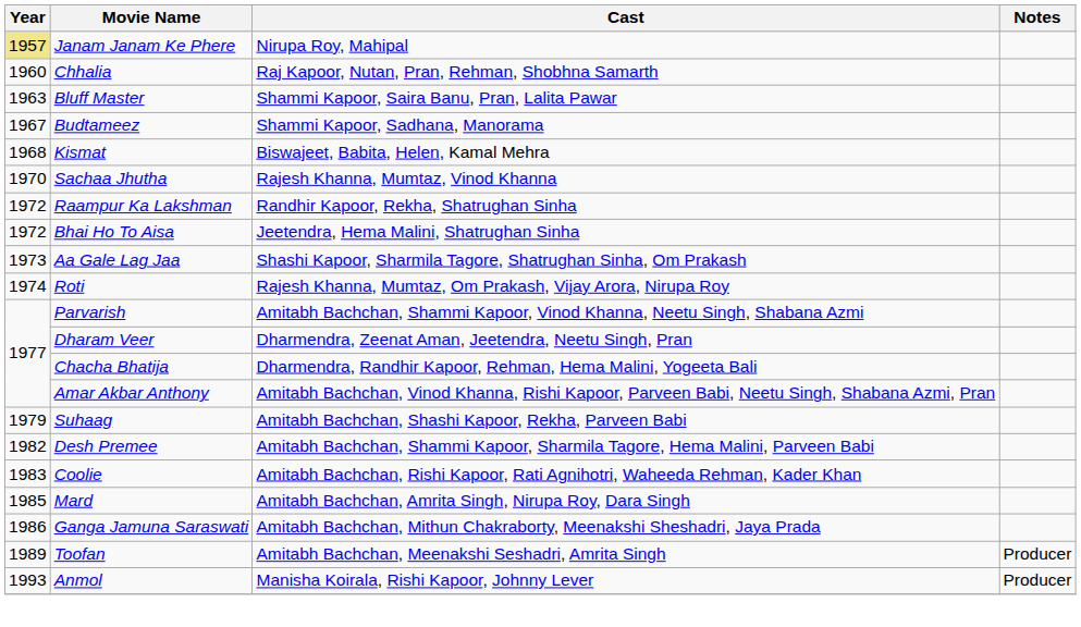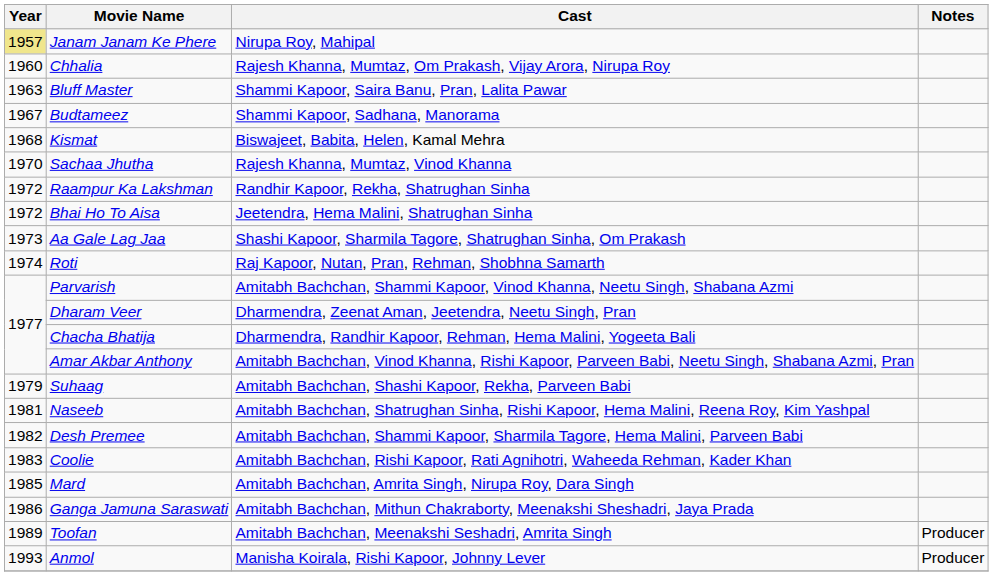 <table class="wikitable sortable">
 <tr style="background:#ccc; align:center,">
 <th>Year</th>
 <th>Movie Name</th>
 <th>Cast</th>
 <th>Notes</th>
 </tr>
 <tr>
 <td style="background: khaki;">1957</td>
 <td><em><a href='#'>Janam Janam Ke Phere</a></em></td>
 <td><a href='#'>Nirupa Roy</a>, <a href='#'>Mahipal</a></td>
 <td></td>
 </tr>
 <tr>
 <td>1960</td>
 <td><em><a href='#'>Chhalia</a></em></td>
-<td><a href='#'>Raj Kapoor</a>, <a href='#'>Nutan</a>, <a href='#'>Pran</a>, <a href='#'>Rehman</a>, <a href='#'>Shobhna Samarth</a></td>
+<td><a href='#'>Rajesh Khanna</a>, <a href='#'>Mumtaz</a>, <a href='#'>Om Prakash</a>, <a href='#'>Vijay Arora</a>, <a href='#'>Nirupa Roy</a></td>
 <td></td>
 </tr>
 <tr>
 <td>1963</td>
 <td><em><a href='#'>Bluff Master</a></em></td>
 <td><a href='#'>Shammi Kapoor</a>, <a href='#'>Saira Banu</a>, <a href='#'>Pran</a>, <a href='#'>Lalita Pawar</a></td>
 <td></td>
 </tr>
 <tr>
 <td>1967</td>
 <td><em><a href='#'>Budtameez</a></em></td>
 <td><a href='#'>Shammi Kapoor</a>, <a href='#'>Sadhana</a>, <a href='#'>Manorama</a></td>
 <td></td>
 </tr>
 <tr>
 <td>1968</td>
 <td><em><a href='#'>Kismat</a></em></td>
 <td><a href='#'>Biswajeet</a>, <a href='#'>Babita</a>, <a href='#'>Helen</a>, Kamal Mehra</td>
 <td></td>
 </tr>
 <tr>
 <td>1970</td>
 <td><em><a href='#'>Sachaa Jhutha</a></em></td>
 <td><a href='#'>Rajesh Khanna</a>, <a href='#'>Mumtaz</a>, <a href='#'>Vinod Khanna</a></td>
 <td></td>
 </tr>
 <tr>
 <td>1972</td>
 <td><em><a href='#'>Raampur Ka Lakshman</a></em></td>
 <td><a href='#'>Randhir Kapoor</a>, <a href='#'>Rekha</a>, <a href='#'>Shatrughan Sinha</a></td>
 <td></td>
 </tr>
 <tr>
 <td>1972</td>
 <td><em><a href='#'>Bhai Ho To Aisa</a></em></td>
 <td><a href='#'>Jeetendra</a>, <a href='#'>Hema Malini</a>, <a href='#'>Shatrughan Sinha</a></td>
 <td></td>
 </tr>
 <tr>
 <td>1973</td>
 <td><em><a href='#'>Aa Gale Lag Jaa</a></em></td>
 <td><a href='#'>Shashi Kapoor</a>, <a href='#'>Sharmila Tagore</a>, <a href='#'>Shatrughan Sinha</a>, <a href='#'>Om Prakash</a></td>
 <td></td>
 </tr>
 <tr>
 <td>1974</td>
 <td><em><a href='#'>Roti</a></em></td>
-<td><a href='#'>Rajesh Khanna</a>, <a href='#'>Mumtaz</a>, <a href='#'>Om Prakash</a>, <a href='#'>Vijay Arora</a>, <a href='#'>Nirupa Roy</a></td>
+<td><a href='#'>Raj Kapoor</a>, <a href='#'>Nutan</a>, <a href='#'>Pran</a>, <a href='#'>Rehman</a>, <a href='#'>Shobhna Samarth</a></td>
 <td></td>
 </tr>
 <tr>
 <td rowspan="4">1977</td>
 <td><em><a href='#'>Parvarish</a></em></td>
 <td><a href='#'>Amitabh Bachchan</a>, <a href='#'>Shammi Kapoor</a>, <a href='#'>Vinod Khanna</a>, <a href='#'>Neetu Singh</a>, <a href='#'>Shabana Azmi</a></td>
 <td></td>
 </tr>
 <tr>
 <td><em><a href='#'>Dharam Veer</a></em></td>
 <td><a href='#'>Dharmendra</a>, <a href='#'>Zeenat Aman</a>, <a href='#'>Jeetendra</a>, <a href='#'>Neetu Singh</a>, <a href='#'>Pran</a></td>
 <td></td>
 </tr>
 <tr>
 <td><em><a href='#'>Chacha Bhatija</a></em></td>
 <td><a href='#'>Dharmendra</a>, <a href='#'>Randhir Kapoor</a>, <a href='#'>Rehman</a>, <a href='#'>Hema Malini</a>, <a href='#'>Yogeeta Bali</a></td>
 <td></td>
 </tr>
 <tr>
 <td><em><a href='#'>Amar Akbar Anthony</a></em></td>
 <td><a href='#'>Amitabh Bachchan</a>, <a href='#'>Vinod Khanna</a>, <a href='#'>Rishi Kapoor</a>, <a href='#'>Parveen Babi</a>, <a href='#'>Neetu Singh</a>, <a href='#'>Shabana Azmi</a>, <a href='#'>Pran</a></td>
 <td></td>
 </tr>
 <tr>
 <td>1979</td>
 <td><em><a href='#'>Suhaag</a></em></td>
 <td><a href='#'>Amitabh Bachchan</a>, <a href='#'>Shashi Kapoor</a>, <a href='#'>Rekha</a>, <a href='#'>Parveen Babi</a></td>
+<td></td>
+</tr>
+<tr>
+<td>1981</td>
+<td><em><a href='#'>Naseeb</a></em></td>
+<td><a href='#'>Amitabh Bachchan</a>, <a href='#'>Shatrughan Sinha</a>, <a href='#'>Rishi Kapoor</a>, <a href='#'>Hema Malini</a>, <a href='#'>Reena Roy</a>, <a href='#'>Kim Yashpal</a></td>
 <td></td>
 </tr>
 <tr>
 <td>1982</td>
 <td><em><a href='#'>Desh Premee</a></em></td>
 <td><a href='#'>Amitabh Bachchan</a>, <a href='#'>Shammi Kapoor</a>, <a href='#'>Sharmila Tagore</a>, <a href='#'>Hema Malini</a>, <a href='#'>Parveen Babi</a></td>
 <td></td>
 </tr>
 <tr>
 <td>1983</td>
 <td><em><a href='#'>Coolie</a></em></td>
 <td><a href='#'>Amitabh Bachchan</a>, <a href='#'>Rishi Kapoor</a>, <a href='#'>Rati Agnihotri</a>, <a href='#'>Waheeda Rehman</a>, <a href='#'>Kader Khan</a></td>
 <td></td>
 </tr>
 <tr>
 <td>1985</td>
 <td><em><a href='#'>Mard</a></em></td>
 <td><a href='#'>Amitabh Bachchan</a>, <a href='#'>Amrita Singh</a>, <a href='#'>Nirupa Roy</a>, <a href='#'>Dara Singh</a></td>
 <td></td>
 </tr>
 <tr>
 <td>1986</td>
 <td><em><a href='#'>Ganga Jamuna Saraswati</a></em></td>
 <td><a href='#'>Amitabh Bachchan</a>, <a href='#'>Mithun Chakraborty</a>, <a href='#'>Meenakshi Sheshadri</a>, <a href='#'>Jaya Prada</a></td>
 <td></td>
 </tr>
 <tr>
 <td>1989</td>
 <td><em><a href='#'>Toofan</a></em></td>
 <td><a href='#'>Amitabh Bachchan</a>, <a href='#'>Meenakshi Seshadri</a>, <a href='#'>Amrita Singh</a></td>
 <td>Producer</td>
 </tr>
 <tr>
 <td>1993</td>
 <td><em><a href='#'>Anmol</a></em></td>
 <td><a href='#'>Manisha Koirala</a>, <a href='#'>Rishi Kapoor</a>, <a href='#'>Johnny Lever</a></td>
 <td>Producer</td>
 </tr>
 <tr>
 </tr>
 </table>
